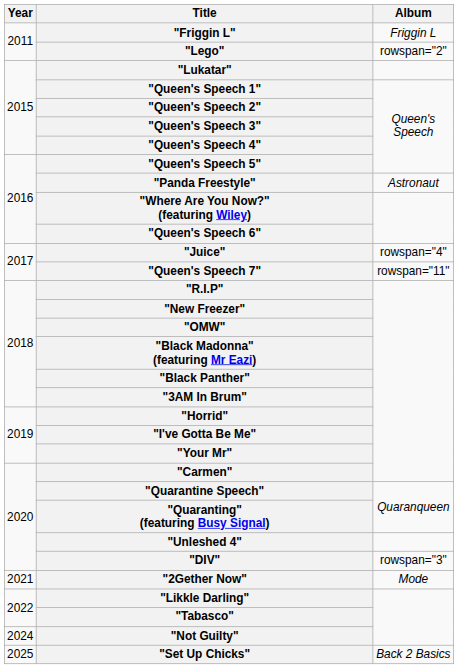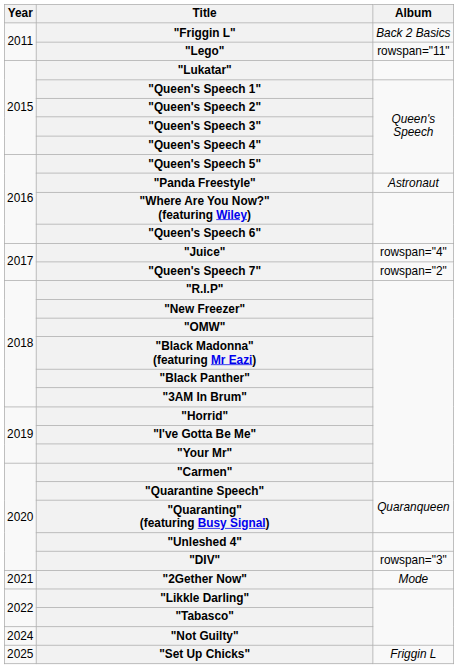 <table class="wikitable plainrowheaders" style="text-align:center;">
 <tr>
 <th scope="col" style="width:1em;">Year</th>
 <th scope="col" style="width:28em;">Title</th>
 <th scope="col">Album</th>
 </tr>
 <tr>
 <td rowspan="2">2011</td>
 <th scope="row">"Friggin L"</th>
-<td><em>Friggin L</em></td>
+<td><em>Back 2 Basics</em></td>
 </tr>
 <tr>
 <th scope="row">"Lego"</th>
-<td>rowspan="2" </td>
+<td>rowspan="11" </td>
 </tr>
 <tr>
 <td rowspan="5">2015</td>
 <th scope="row">"Lukatar"</th>
 </tr>
 <tr>
 <th scope="row">"Queen's Speech 1"</th>
 <td rowspan="5"><em>Queen's Speech</em></td>
 </tr>
 <tr>
 <th scope="row">"Queen's Speech 2"</th>
 </tr>
 <tr>
 <th scope="row">"Queen's Speech 3"</th>
 </tr>
 <tr>
 <th scope="row">"Queen's Speech 4"</th>
 </tr>
 <tr>
 <td rowspan="4">2016</td>
 <th scope="row">"Queen's Speech 5"</th>
 </tr>
 <tr>
 <th scope="row">"Panda Freestyle"</th>
 <td><em>Astronaut</em></td>
 </tr>
 <tr>
 <th scope="row">"Where Are You Now?"<br><span>(featuring <a href='#'>Wiley</a>)</span></th>
 </tr>
 <tr>
 <th scope="row">"Queen's Speech 6"</th>
 </tr>
 <tr>
 <td rowspan="2">2017</td>
 <th scope="row">"Juice"</th>
 <td>rowspan="4" </td>
 </tr>
 <tr>
 <th scope="row">"Queen's Speech 7"</th>
-<td>rowspan="11" </td>
+<td>rowspan="2" </td>
 </tr>
 <tr>
 <td rowspan="6">2018</td>
 <th scope="row">"R.I.P"</th>
 </tr>
 <tr>
 <th scope="row">"New Freezer"</th>
 </tr>
 <tr>
 <th scope="row">"OMW"</th>
 </tr>
 <tr>
 <th scope="row">"Black Madonna"<br><span>(featuring <a href='#'>Mr Eazi</a>)</span></th>
 </tr>
 <tr>
 <th scope="row">"Black Panther"</th>
 </tr>
 <tr>
 <th scope="row">"3AM In Brum"</th>
 </tr>
 <tr>
 <td rowspan="3">2019</td>
 <th scope="row">"Horrid"</th>
 </tr>
 <tr>
 <th scope="row">"I've Gotta Be Me"</th>
 </tr>
 <tr>
 <th scope="row">"Your Mr"</th>
 </tr>
 <tr>
 <td rowspan="5">2020</td>
 <th scope="row">"Carmen"</th>
 </tr>
 <tr>
 <th scope="row">"Quarantine Speech"</th>
 <td rowspan="2"><em>Quaranqueen</em></td>
 </tr>
 <tr>
 <th scope="row">"Quaranting" <br> <span>(featuring <a href='#'>Busy Signal</a>)</span></th>
 </tr>
 <tr>
 <th scope="row">"Unleshed 4"</th>
 <td></td>
 </tr>
 <tr>
 <th scope="row">"DIV"</th>
 <td>rowspan="3" </td>
 </tr>
 <tr>
 <td>2021</td>
 <th scope="row">"2Gether Now"</th>
 <td><em>Mode</em></td>
 </tr>
 <tr>
 <td rowspan="2">2022</td>
 <th scope="row">"Likkle Darling"</th>
 </tr>
 <tr>
 <th scope="row">"Tabasco"</th>
 </tr>
 <tr>
 <td>2024</td>
 <th scope="row">"Not Guilty"</th>
 </tr>
 <tr>
 <td>2025</td>
 <th scope="row">"Set Up Chicks"</th>
-<td><em>Back 2 Basics</em></td>
+<td><em>Friggin L</em></td>
 </tr>
 </table>
